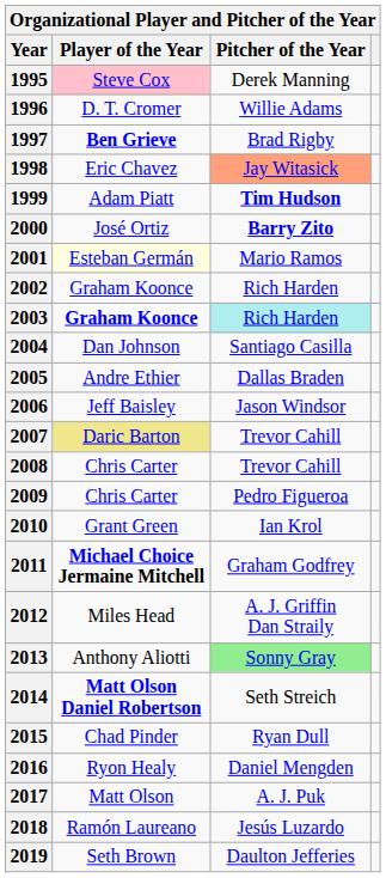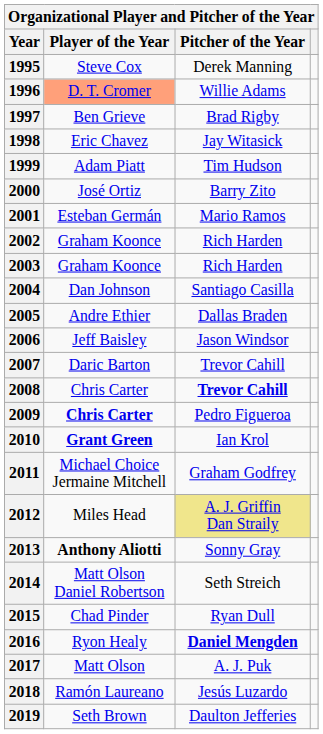 <table class="wikitable plainrowheaders" style="text-align:center">
 <tr>
 <th colspan="4">Organizational Player and Pitcher of the Year</th>
 </tr>
 <tr>
 <th scope="col">Year</th>
 <th scope="col">Player of the Year</th>
 <th scope="col">Pitcher of the Year</th>
 <th scope="col"></th>
 </tr>
 <tr>
 <th scope="row">1995</th>
-<td style="background: pink;"><a href='#'>Steve Cox</a></td>
+<td><a href='#'>Steve Cox</a></td>
 <td>Derek Manning</td>
 <td></td>
 </tr>
 <tr>
 <th scope="row">1996</th>
-<td><a href='#'>D. T. Cromer</a></td>
+<td style="background: lightsalmon;"><a href='#'>D. T. Cromer</a></td>
 <td><a href='#'>Willie Adams</a></td>
 <td></td>
 </tr>
 <tr>
 <th scope="row">1997</th>
-<td><strong><a href='#'>Ben Grieve</a></strong></td>
+<td><a href='#'>Ben Grieve</a></td>
 <td><a href='#'>Brad Rigby</a></td>
 <td></td>
 </tr>
 <tr>
 <th scope="row">1998</th>
 <td><a href='#'>Eric Chavez</a></td>
-<td style="background: lightsalmon;"><a href='#'>Jay Witasick</a></td>
+<td><a href='#'>Jay Witasick</a></td>
 <td></td>
 </tr>
 <tr>
 <th scope="row">1999</th>
 <td><a href='#'>Adam Piatt</a></td>
-<td><strong><a href='#'>Tim Hudson</a></strong></td>
+<td><a href='#'>Tim Hudson</a></td>
 <td></td>
 </tr>
 <tr>
 <th scope="row">2000</th>
 <td><a href='#'>José Ortiz</a></td>
-<td><strong><a href='#'>Barry Zito</a></strong></td>
+<td><a href='#'>Barry Zito</a></td>
 <td></td>
 </tr>
 <tr>
 <th scope="row">2001</th>
-<td style="background: lightyellow;"><a href='#'>Esteban Germán</a></td>
+<td><a href='#'>Esteban Germán</a></td>
 <td><a href='#'>Mario Ramos</a></td>
 <td></td>
 </tr>
 <tr>
 <th scope="row">2002</th>
 <td><a href='#'>Graham Koonce</a></td>
 <td><a href='#'>Rich Harden</a></td>
 <td></td>
 </tr>
 <tr>
 <th scope="row">2003</th>
-<td><strong><a href='#'>Graham Koonce</a></strong></td>
-<td style="background: paleturquoise;"><a href='#'>Rich Harden</a></td>
+<td><a href='#'>Graham Koonce</a></td>
+<td><a href='#'>Rich Harden</a></td>
 <td></td>
 </tr>
 <tr>
 <th scope="row">2004</th>
 <td><a href='#'>Dan Johnson</a></td>
 <td><a href='#'>Santiago Casilla</a></td>
 <td></td>
 </tr>
 <tr>
 <th scope="row">2005</th>
 <td><a href='#'>Andre Ethier</a></td>
 <td><a href='#'>Dallas Braden</a></td>
 <td></td>
 </tr>
 <tr>
 <th scope="row">2006</th>
 <td><a href='#'>Jeff Baisley</a></td>
 <td><a href='#'>Jason Windsor</a></td>
 <td></td>
 </tr>
 <tr>
 <th scope="row">2007</th>
-<td style="background: khaki;"><a href='#'>Daric Barton</a></td>
+<td><a href='#'>Daric Barton</a></td>
 <td><a href='#'>Trevor Cahill</a></td>
 <td></td>
 </tr>
 <tr>
 <th scope="row">2008</th>
 <td><a href='#'>Chris Carter</a></td>
-<td><a href='#'>Trevor Cahill</a></td>
+<td><strong><a href='#'>Trevor Cahill</a></strong></td>
 <td></td>
 </tr>
 <tr>
 <th scope="row">2009</th>
-<td><a href='#'>Chris Carter</a></td>
+<td><strong><a href='#'>Chris Carter</a></strong></td>
 <td><a href='#'>Pedro Figueroa</a></td>
 <td></td>
 </tr>
 <tr>
 <th scope="row">2010</th>
-<td><a href='#'>Grant Green</a></td>
+<td><strong><a href='#'>Grant Green</a></strong></td>
 <td><a href='#'>Ian Krol</a></td>
 <td></td>
 </tr>
 <tr>
 <th scope="row">2011</th>
-<td><strong><a href='#'>Michael Choice</a><br>Jermaine Mitchell</strong></td>
+<td><a href='#'>Michael Choice</a><br>Jermaine Mitchell</td>
 <td><a href='#'>Graham Godfrey</a></td>
 <td></td>
 </tr>
 <tr>
 <th scope="row">2012</th>
 <td>Miles Head</td>
-<td><a href='#'>A. J. Griffin</a><br><a href='#'>Dan Straily</a></td>
+<td style="background: khaki;"><a href='#'>A. J. Griffin</a><br><a href='#'>Dan Straily</a></td>
 <td></td>
 </tr>
 <tr>
 <th scope="row">2013</th>
-<td>Anthony Aliotti</td>
-<td style="background: lightgreen;"><a href='#'>Sonny Gray</a></td>
+<td><strong>Anthony Aliotti</strong></td>
+<td><a href='#'>Sonny Gray</a></td>
 <td></td>
 </tr>
 <tr>
 <th scope="row">2014</th>
-<td><strong><a href='#'>Matt Olson</a><br><a href='#'>Daniel Robertson</a></strong></td>
+<td><a href='#'>Matt Olson</a><br><a href='#'>Daniel Robertson</a></td>
 <td>Seth Streich</td>
 <td></td>
 </tr>
 <tr>
 <th scope="row">2015</th>
 <td><a href='#'>Chad Pinder</a></td>
 <td><a href='#'>Ryan Dull</a></td>
 <td></td>
 </tr>
 <tr>
 <th scope="row">2016</th>
 <td><a href='#'>Ryon Healy</a></td>
-<td><a href='#'>Daniel Mengden</a></td>
+<td><strong><a href='#'>Daniel Mengden</a></strong></td>
 <td></td>
 </tr>
 <tr>
 <th scope="row">2017</th>
 <td><a href='#'>Matt Olson</a></td>
 <td><a href='#'>A. J. Puk</a></td>
 <td></td>
 </tr>
 <tr>
 <th scope="row">2018</th>
 <td><a href='#'>Ramón Laureano</a></td>
 <td><a href='#'>Jesús Luzardo</a></td>
 <td></td>
 </tr>
 <tr>
 <th scope="row">2019</th>
 <td><a href='#'>Seth Brown</a></td>
 <td><a href='#'>Daulton Jefferies</a></td>
 <td></td>
 </tr>
 </table>
